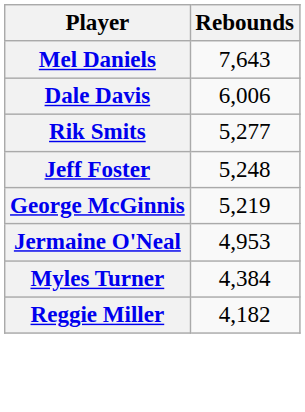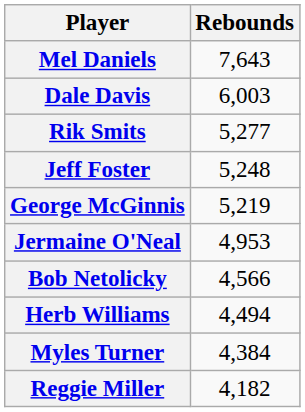 <table class="wikitable sortable plainrowheaders" style="text-align:center">
 <tr>
 <th scope="col" style="text-align:center; ">Player</th>
 <th scope="col" style="text-align:center; ">Rebounds</th>
 </tr>
 <tr>
 <th scope="row"><a href='#'>Mel Daniels</a></th>
 <td>7,643</td>
 </tr>
 <tr>
 <th scope="row"><a href='#'>Dale Davis</a></th>
-<td>6,006</td>
+<td>6,003</td>
 </tr>
 <tr>
 <th scope="row"><a href='#'>Rik Smits</a></th>
 <td>5,277</td>
 </tr>
 <tr>
 <th scope="row"><a href='#'>Jeff Foster</a></th>
 <td>5,248</td>
 </tr>
 <tr>
 <th scope="row"><a href='#'>George McGinnis</a></th>
 <td>5,219</td>
 </tr>
 <tr>
 <th scope="row"><a href='#'>Jermaine O'Neal</a></th>
 <td>4,953</td>
 </tr>
 <tr>
+<th scope="row"><a href='#'>Bob Netolicky</a></th>
+<td>4,566</td>
+</tr>
+<tr>
+<th scope="row"><a href='#'>Herb Williams</a></th>
+<td>4,494</td>
+</tr>
+<tr>
 <th scope="row"><strong><a href='#'>Myles Turner</a></strong></th>
 <td>4,384</td>
 </tr>
 <tr>
 <th scope="row"><a href='#'>Reggie Miller</a></th>
 <td>4,182</td>
 </tr>
 </table>
